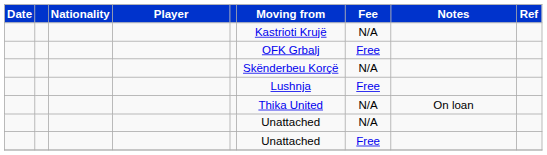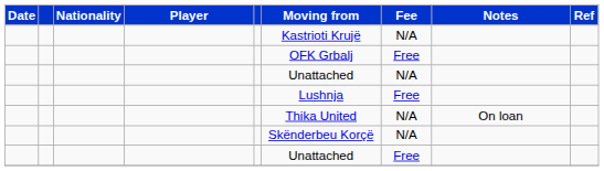 <table class="wikitable"  style="text-align:center; font-size:90%; ">
 <tr>
 <th style="background:#03c; color:white; width:15px;">Date</th>
 <th style="background:#03c; color:white; width:10px;"></th>
 <th style="background:#03c; color:white; width:10px;">Nationality</th>
 <th style="background:#03c; color:white; width:140px;">Player</th>
 <th style="background:#03c; color:white; width:1px;"></th>
 <th style="background:#03c; color:white; width:130px;">Moving from</th>
 <th style="background:#03c; color:white; width:50px;">Fee</th>
 <th style="background:#03c; color:white; width:150px;">Notes</th>
 <th style="background:#03c; color:white; width:25px;">Ref</th>
 </tr>
 <tr>
 <td></td>
 <td align=center></td>
 <td></td>
 <td></td>
 <td></td>
 <td><a href='#'>Kastrioti Krujë</a></td>
 <td align=center>N/A</td>
 <td align=center></td>
 <td align=center></td>
 </tr>
 <tr>
 <td></td>
 <td align=center></td>
 <td></td>
 <td></td>
 <td></td>
 <td><a href='#'>OFK Grbalj</a></td>
 <td align=center><a href='#'>Free</a></td>
 <td align=center></td>
 <td align=center></td>
 </tr>
 <tr>
 <td></td>
 <td align=center></td>
 <td></td>
 <td></td>
 <td></td>
-<td><a href='#'>Skënderbeu Korçë</a></td>
+<td>Unattached</td>
 <td align=center>N/A</td>
 <td align=center></td>
 <td align=center></td>
 </tr>
 <tr>
 <td></td>
 <td align=center></td>
 <td></td>
 <td></td>
 <td></td>
 <td><a href='#'>Lushnja</a></td>
 <td align=center><a href='#'>Free</a></td>
 <td align=center></td>
 <td align=center></td>
 </tr>
 <tr>
 <td></td>
 <td align=center></td>
 <td></td>
 <td></td>
 <td></td>
 <td><a href='#'>Thika United</a></td>
 <td align=center>N/A</td>
 <td align=center>On loan</td>
 <td align=center></td>
 </tr>
 <tr>
 <td></td>
 <td align=center></td>
 <td></td>
 <td></td>
 <td></td>
-<td>Unattached</td>
+<td><a href='#'>Skënderbeu Korçë</a></td>
 <td align=center>N/A</td>
 <td align=center></td>
 <td align=center></td>
 </tr>
 <tr>
 <td></td>
 <td align=center></td>
 <td></td>
 <td></td>
 <td></td>
 <td>Unattached</td>
 <td align=center><a href='#'>Free</a></td>
 <td align=center></td>
 <td align=center></td>
 </tr>
 <tr>
 </tr>
 </table>
